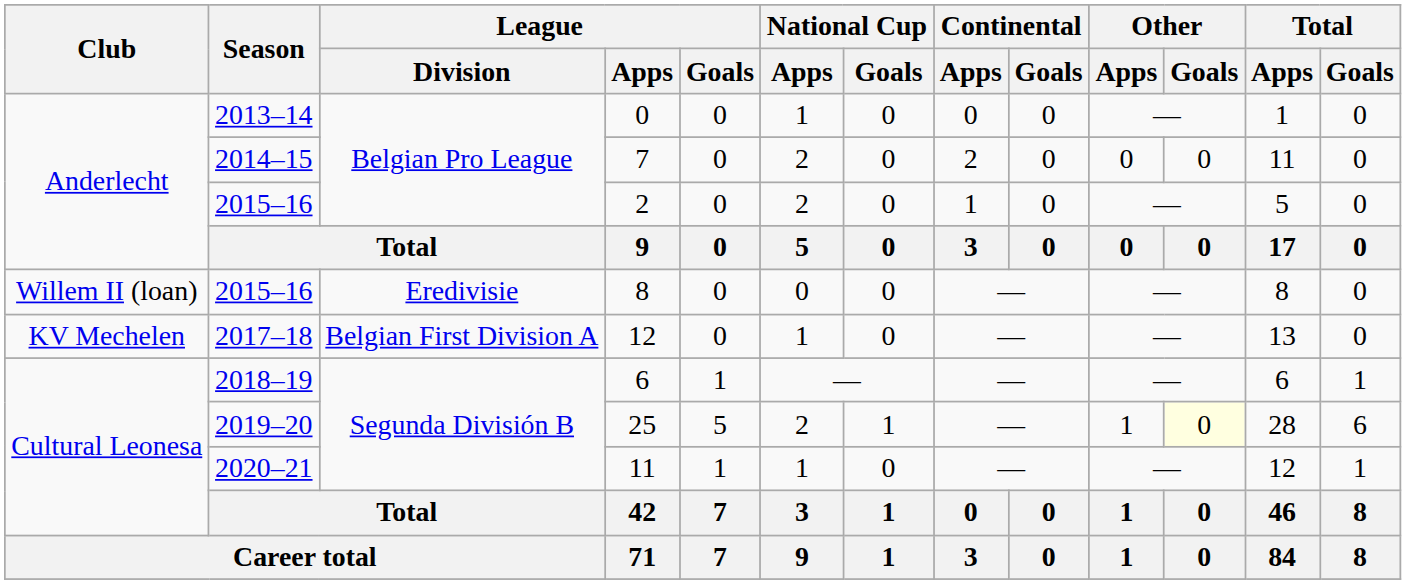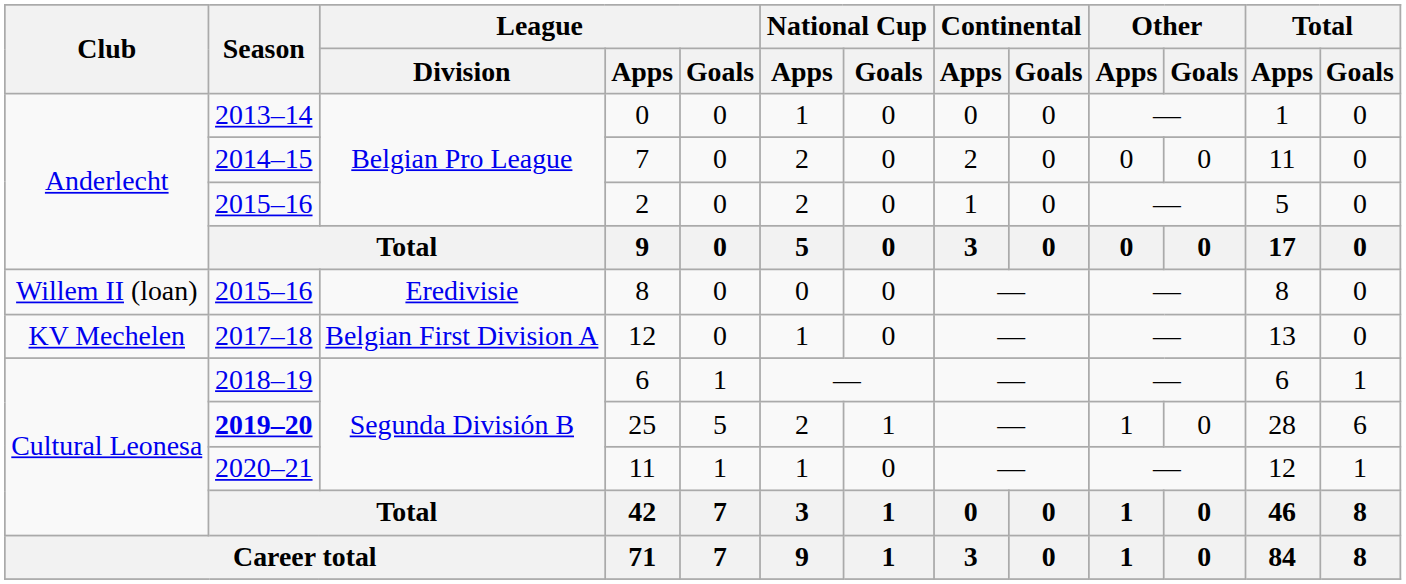 <table class="wikitable" style="text-align:center">
 <tr>
 <th rowspan="2">Club</th>
 <th rowspan="2">Season</th>
 <th colspan="3">League</th>
 <th colspan="2">National Cup</th>
 <th colspan="2">Continental</th>
 <th colspan="2">Other</th>
 <th colspan="2">Total</th>
 </tr>
 <tr>
 <th>Division</th>
 <th>Apps</th>
 <th>Goals</th>
 <th>Apps</th>
 <th>Goals</th>
 <th>Apps</th>
 <th>Goals</th>
 <th>Apps</th>
 <th>Goals</th>
 <th>Apps</th>
 <th>Goals</th>
 </tr>
 <tr>
 <td rowspan="4"><a href='#'>Anderlecht</a></td>
 <td><a href='#'>2013–14</a></td>
 <td rowspan="3"><a href='#'>Belgian Pro League</a></td>
 <td>0</td>
 <td>0</td>
 <td>1</td>
 <td>0</td>
 <td>0</td>
 <td>0</td>
 <td colspan="2">—</td>
 <td>1</td>
 <td>0</td>
 </tr>
 <tr>
 <td><a href='#'>2014–15</a></td>
 <td>7</td>
 <td>0</td>
 <td>2</td>
 <td>0</td>
 <td>2</td>
 <td>0</td>
 <td>0</td>
 <td>0</td>
 <td>11</td>
 <td>0</td>
 </tr>
 <tr>
 <td><a href='#'>2015–16</a></td>
 <td>2</td>
 <td>0</td>
 <td>2</td>
 <td>0</td>
 <td>1</td>
 <td>0</td>
 <td colspan="2">—</td>
 <td>5</td>
 <td>0</td>
 </tr>
 <tr>
 <th colspan="2">Total</th>
 <th>9</th>
 <th>0</th>
 <th>5</th>
 <th>0</th>
 <th>3</th>
 <th>0</th>
 <th>0</th>
 <th>0</th>
 <th>17</th>
 <th>0</th>
 </tr>
 <tr>
 <td><a href='#'>Willem II</a> (loan)</td>
 <td><a href='#'>2015–16</a></td>
 <td><a href='#'>Eredivisie</a></td>
 <td>8</td>
 <td>0</td>
 <td>0</td>
 <td>0</td>
 <td colspan="2">—</td>
 <td colspan="2">—</td>
 <td>8</td>
 <td>0</td>
 </tr>
 <tr>
 <td><a href='#'>KV Mechelen</a></td>
 <td><a href='#'>2017–18</a></td>
 <td><a href='#'>Belgian First Division A</a></td>
 <td>12</td>
 <td>0</td>
 <td>1</td>
 <td>0</td>
 <td colspan="2">—</td>
 <td colspan="2">—</td>
 <td>13</td>
 <td>0</td>
 </tr>
 <tr>
 <td rowspan="4"><a href='#'>Cultural Leonesa</a></td>
 <td><a href='#'>2018–19</a></td>
 <td rowspan="3"><a href='#'>Segunda División B</a></td>
 <td>6</td>
 <td>1</td>
 <td colspan="2">—</td>
 <td colspan="2">—</td>
 <td colspan="2">—</td>
 <td>6</td>
 <td>1</td>
 </tr>
 <tr>
-<td><a href='#'>2019–20</a></td>
+<td><strong><a href='#'>2019–20</a></strong></td>
 <td>25</td>
 <td>5</td>
 <td>2</td>
 <td>1</td>
 <td colspan="2">—</td>
 <td>1</td>
-<td style="background: lightyellow;">0</td>
+<td>0</td>
 <td>28</td>
 <td>6</td>
 </tr>
 <tr>
 <td><a href='#'>2020–21</a></td>
 <td>11</td>
 <td>1</td>
 <td>1</td>
 <td>0</td>
 <td colspan="2">—</td>
 <td colspan="2">—</td>
 <td>12</td>
 <td>1</td>
 </tr>
 <tr>
 <th colspan="2">Total</th>
 <th>42</th>
 <th>7</th>
 <th>3</th>
 <th>1</th>
 <th>0</th>
 <th>0</th>
 <th>1</th>
 <th>0</th>
 <th>46</th>
 <th>8</th>
 </tr>
 <tr>
 <th colspan="3">Career total</th>
 <th>71</th>
 <th>7</th>
 <th>9</th>
 <th>1</th>
 <th>3</th>
 <th>0</th>
 <th>1</th>
 <th>0</th>
 <th>84</th>
 <th>8</th>
 </tr>
 </table>
